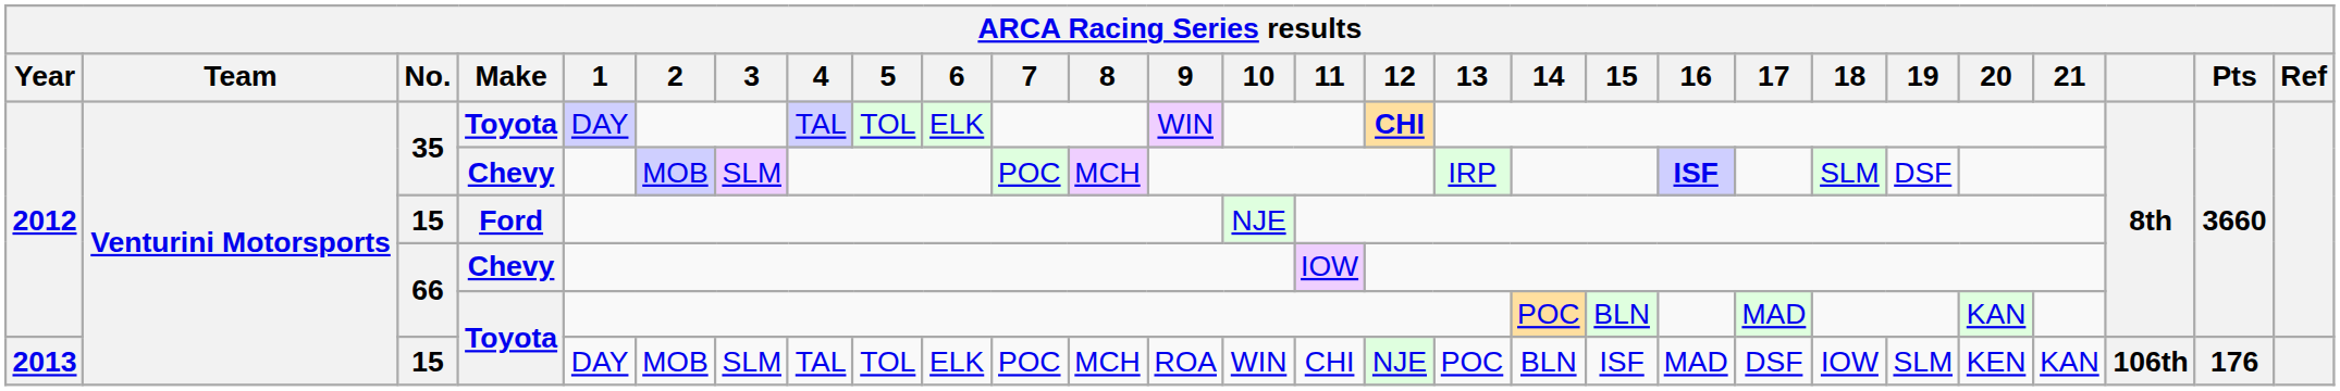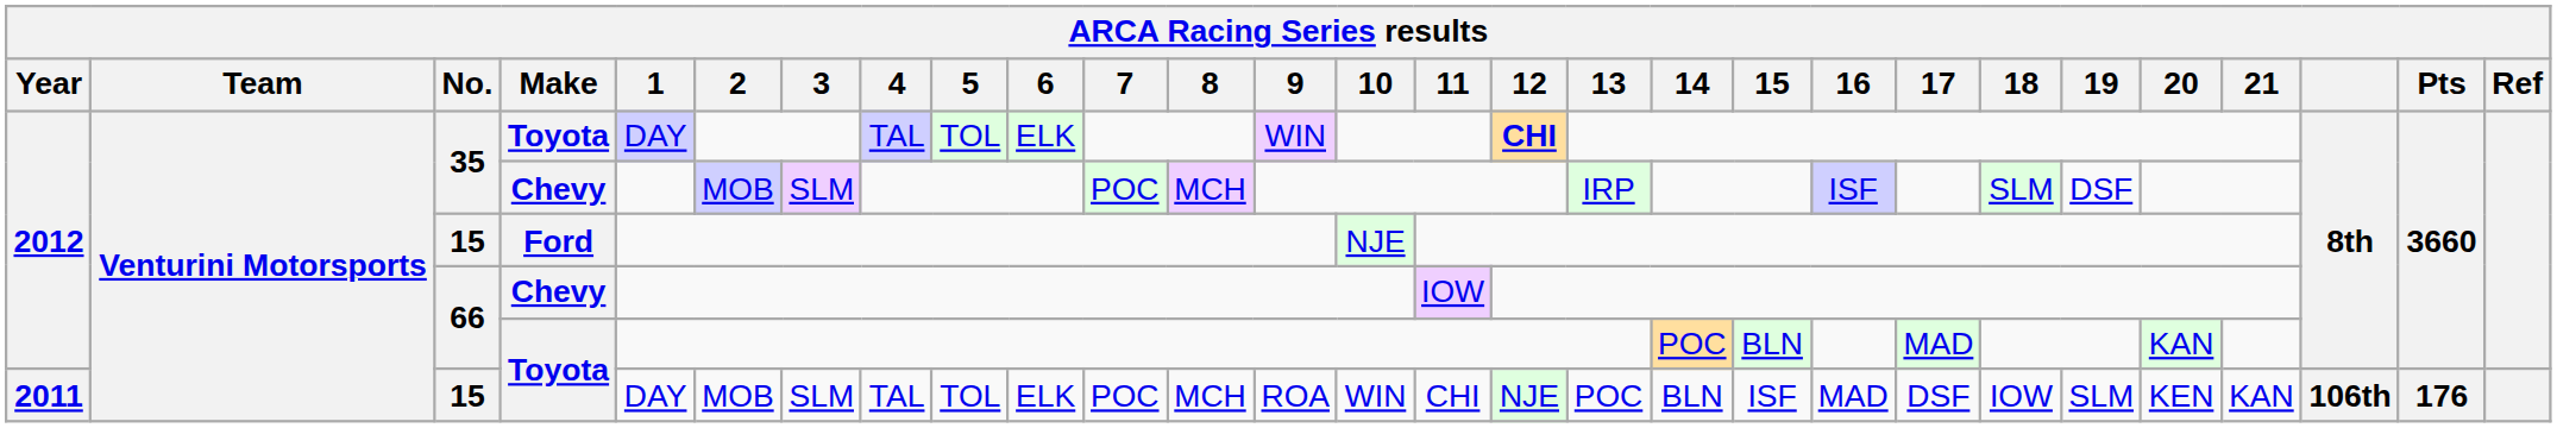 <table class="wikitable" style="text-align:center; font-size:75%">
 <tr>
 <th colspan=48><a href='#'>ARCA Racing Series</a> results</th>
 </tr>
 <tr>
 <th>Year</th>
 <th>Team</th>
 <th>No.</th>
 <th>Make</th>
 <th>1</th>
 <th>2</th>
 <th>3</th>
 <th>4</th>
 <th>5</th>
 <th>6</th>
 <th>7</th>
 <th>8</th>
 <th>9</th>
 <th>10</th>
 <th>11</th>
 <th>12</th>
 <th>13</th>
 <th>14</th>
 <th>15</th>
 <th>16</th>
 <th>17</th>
 <th>18</th>
 <th>19</th>
 <th>20</th>
 <th>21</th>
 <th></th>
 <th>Pts</th>
 <th>Ref</th>
 </tr>
 <tr>
 <th rowspan=5><a href='#'>2012</a></th>
 <th rowspan=6><a href='#'>Venturini Motorsports</a></th>
 <th rowspan=2>35</th>
 <th><a href='#'>Toyota</a></th>
 <td style="background:#CFCFFF;"><a href='#'>DAY</a><br></td>
 <td colspan=2></td>
 <td style="background:#CFCFFF;"><a href='#'>TAL</a><br></td>
 <td style="background:#DFFFDF;"><a href='#'>TOL</a><br></td>
 <td style="background:#DFFFDF;"><a href='#'>ELK</a><br></td>
 <td colspan=2></td>
 <td style="background:#EFCFFF;"><a href='#'>WIN</a><br></td>
 <td colspan=2></td>
 <td style="background:#FFDF9F;"><strong><a href='#'>CHI</a><br></strong></td>
 <td colspan=9></td>
 <th rowspan=5>8th</th>
 <th rowspan=5>3660</th>
 <th rowspan=5></th>
 </tr>
 <tr>
 <th><a href='#'>Chevy</a></th>
 <td></td>
 <td style="background:#CFCFFF;"><a href='#'>MOB</a><br></td>
 <td style="background:#EFCFFF;'"><a href='#'>SLM</a><br></td>
 <td colspan=3></td>
 <td style="background:#DFFFDF;"><a href='#'>POC</a><br></td>
 <td style="background:#EFCFFF;"><a href='#'>MCH</a><br></td>
 <td colspan=4></td>
 <td style="background:#DFFFDF;"><a href='#'>IRP</a><br></td>
 <td colspan=2></td>
-<td style="background:#CFCFFF;"><strong><a href='#'>ISF</a><br></strong></td>
+<td style="background:#CFCFFF;"><a href='#'>ISF</a><br></td>
 <td></td>
 <td style="background:#DFFFDF;"><a href='#'>SLM</a><br></td>
 <td><a href='#'>DSF</a><br></td>
 <td colspan=2></td>
 </tr>
 <tr>
 <th>15</th>
 <th><a href='#'>Ford</a></th>
 <td colspan=9></td>
 <td style="background:#DFFFDF;"><a href='#'>NJE</a><br></td>
 <td colspan=11></td>
 </tr>
 <tr>
 <th rowspan=2>66</th>
 <th><a href='#'>Chevy</a></th>
 <td colspan=10></td>
 <td style="background:#EFCFFF;"><a href='#'>IOW</a><br></td>
 <td colspan=10></td>
 </tr>
 <tr>
 <th rowspan=2><a href='#'>Toyota</a></th>
 <td colspan=13></td>
 <td style="background:#FFDF9F;"><a href='#'>POC</a><br></td>
 <td style="background:#DFFFDF;"><a href='#'>BLN</a><br></td>
 <td></td>
 <td style="background:#DFFFDF;"><a href='#'>MAD</a><br></td>
 <td colspan=2></td>
 <td style="background:#DFFFDF;"><a href='#'>KAN</a><br></td>
 <td></td>
 </tr>
 <tr>
-<th><a href='#'>2013</a></th>
+<th><a href='#'>2011</a></th>
 <th>15</th>
 <td><a href='#'>DAY</a></td>
 <td><a href='#'>MOB</a></td>
 <td><a href='#'>SLM</a></td>
 <td><a href='#'>TAL</a></td>
 <td><a href='#'>TOL</a></td>
 <td><a href='#'>ELK</a></td>
 <td><a href='#'>POC</a></td>
 <td><a href='#'>MCH</a></td>
 <td><a href='#'>ROA</a></td>
 <td><a href='#'>WIN</a></td>
 <td><a href='#'>CHI</a></td>
 <td style="background:#DFFFDF;"><a href='#'>NJE</a><br></td>
 <td><a href='#'>POC</a></td>
 <td><a href='#'>BLN</a></td>
 <td><a href='#'>ISF</a></td>
 <td><a href='#'>MAD</a></td>
 <td><a href='#'>DSF</a></td>
 <td><a href='#'>IOW</a></td>
 <td><a href='#'>SLM</a></td>
 <td><a href='#'>KEN</a></td>
 <td><a href='#'>KAN</a></td>
 <th>106th</th>
 <th>176</th>
 <th></th>
 </tr>
 </table>
